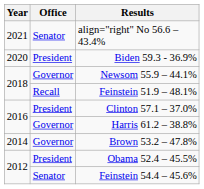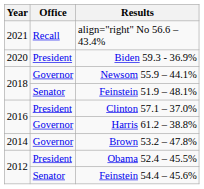 <table class=wikitable>
 <tr>
 <th width="30">Year</th>
 <th width="60">Office</th>
 <th width="180">Results</th>
 </tr>
 <tr>
 <td>2021</td>
-<td><a href='#'>Senator</a></td>
+<td><a href='#'>Recall</a></td>
 <td>align="right"  No 56.6 – 43.4%</td>
 </tr>
 <tr>
 <td rowspan="1">2020</td>
 <td><a href='#'>President</a></td>
 <td align="right" ><a href='#'>Biden</a> 59.3 - 36.9%</td>
 </tr>
 <tr>
 <td rowspan="2">2018</td>
 <td><a href='#'>Governor</a></td>
 <td align="right" ><a href='#'>Newsom</a> 55.9 – 44.1%</td>
 </tr>
 <tr>
-<td><a href='#'>Recall</a></td>
+<td><a href='#'>Senator</a></td>
 <td align="right" ><a href='#'>Feinstein</a> 51.9 – 48.1%</td>
 </tr>
 <tr>
 <td rowspan="2">2016</td>
 <td><a href='#'>President</a></td>
 <td align="right" ><a href='#'>Clinton</a> 57.1 – 37.0%</td>
 </tr>
 <tr>
 <td><a href='#'>Governor</a></td>
 <td align="right" ><a href='#'>Harris</a> 61.2 – 38.8%</td>
 </tr>
 <tr>
 <td>2014</td>
 <td><a href='#'>Governor</a></td>
 <td align="right" ><a href='#'>Brown</a> 53.2 – 47.8%</td>
 </tr>
 <tr>
 <td rowspan="2">2012</td>
 <td><a href='#'>President</a></td>
 <td align="right" ><a href='#'>Obama</a> 52.4 – 45.5%</td>
 </tr>
 <tr>
 <td><a href='#'>Senator</a></td>
 <td align="right" ><a href='#'>Feinstein</a> 54.4 – 45.6%</td>
 </tr>
 </table>
